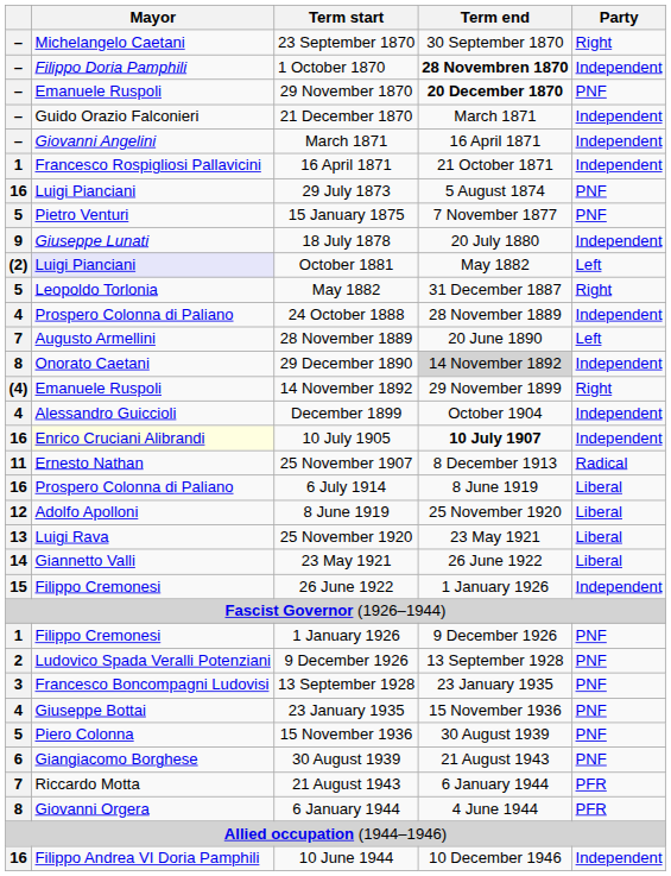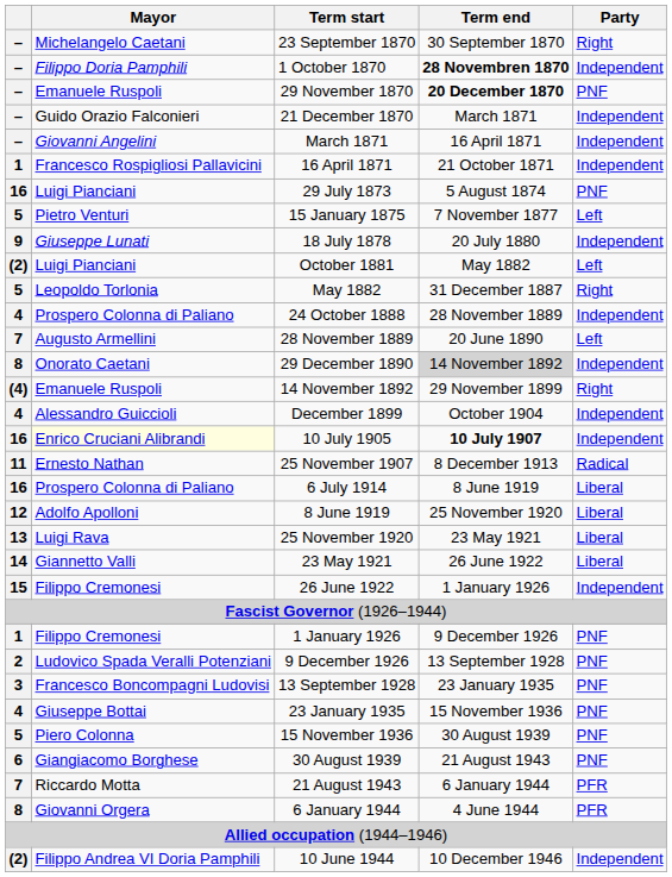 <table class="wikitable">
 <tr>
 <th class=unsortable> </th>
 <th>Mayor</th>
 <th>Term start</th>
 <th>Term end</th>
 <th>Party</th>
 </tr>
 <tr>
 <th style="background:">–</th>
 <td><a href='#'>Michelangelo Caetani</a></td>
 <td align=center>23 September 1870</td>
 <td align=center>30 September 1870</td>
 <td><a href='#'>Right</a></td>
 </tr>
 <tr>
 <th style="background:">–</th>
 <td><em><a href='#'>Filippo Doria Pamphili</a></em></td>
 <td>1 October 1870</td>
 <td><strong>28 Novembren 1870</strong></td>
 <td><a href='#'>Independent</a></td>
 </tr>
 <tr>
 <th style="background:">–</th>
 <td><a href='#'>Emanuele Ruspoli</a></td>
 <td align=center>29 November 1870</td>
 <td align=center><strong>20 December 1870</strong></td>
 <td><a href='#'>PNF</a></td>
 </tr>
 <tr>
 <th style="background:">–</th>
 <td>Guido Orazio Falconieri</td>
 <td align=center>21 December 1870</td>
 <td align=center>March 1871</td>
 <td><a href='#'>Independent</a></td>
 </tr>
 <tr>
 <th style="background:">–</th>
 <td><em><a href='#'>Giovanni Angelini</a></em></td>
 <td align=center>March 1871</td>
 <td align=center>16 April 1871</td>
 <td><a href='#'>Independent</a></td>
 </tr>
 <tr>
 <th style="background:">1</th>
 <td><a href='#'>Francesco Rospigliosi Pallavicini</a></td>
 <td align=center>16 April 1871</td>
 <td align=center>21 October 1871</td>
 <td><a href='#'>Independent</a></td>
 </tr>
 <tr>
 <th style="background:">16</th>
 <td><a href='#'>Luigi Pianciani</a></td>
 <td align=center>29 July 1873</td>
 <td align=center>5 August 1874</td>
 <td><a href='#'>PNF</a></td>
 </tr>
 <tr>
 <th style="background:">5</th>
 <td><a href='#'>Pietro Venturi</a></td>
 <td align=center>15 January 1875</td>
 <td align=center>7 November 1877</td>
-<td><a href='#'>PNF</a></td>
+<td><a href='#'>Left</a></td>
 </tr>
 <tr>
 <th style="background:">9</th>
 <td><em><a href='#'>Giuseppe Lunati</a></em></td>
 <td align=center>18 July 1878</td>
 <td align=center>20 July 1880</td>
 <td><a href='#'>Independent</a></td>
 </tr>
 <tr>
 <th style="background:">(2)</th>
-<td style="background: lavender;"><a href='#'>Luigi Pianciani</a></td>
+<td><a href='#'>Luigi Pianciani</a></td>
 <td align=center>October 1881</td>
 <td align=center>May 1882</td>
 <td><a href='#'>Left</a></td>
 </tr>
 <tr>
 <th style="background:">5</th>
 <td><a href='#'>Leopoldo Torlonia</a></td>
 <td align=center>May 1882</td>
 <td align=center>31 December 1887</td>
 <td><a href='#'>Right</a></td>
 </tr>
 <tr>
 <th style="background:">4</th>
 <td><a href='#'>Prospero Colonna di Paliano</a></td>
 <td align=center>24 October 1888</td>
 <td align=center>28 November 1889</td>
 <td><a href='#'>Independent</a></td>
 </tr>
 <tr>
 <th style="background:">7</th>
 <td><a href='#'>Augusto Armellini</a></td>
 <td align=center>28 November 1889</td>
 <td align=center>20 June 1890</td>
 <td><a href='#'>Left</a></td>
 </tr>
 <tr>
 <th style="background:">8</th>
 <td><a href='#'>Onorato Caetani</a></td>
 <td align=center>29 December 1890</td>
 <td align=center style="background: lightgrey;">14 November 1892</td>
 <td><a href='#'>Independent</a></td>
 </tr>
 <tr>
 <th style="background:">(4)</th>
 <td><a href='#'>Emanuele Ruspoli</a></td>
 <td align=center>14 November 1892</td>
 <td align=center>29 November 1899</td>
 <td><a href='#'>Right</a></td>
 </tr>
 <tr>
 <th style="background:">4</th>
 <td><a href='#'>Alessandro Guiccioli</a></td>
 <td align=center>December 1899</td>
 <td align=center>October 1904</td>
 <td><a href='#'>Independent</a></td>
 </tr>
 <tr>
 <th style="background:">16</th>
 <td style="background: lightyellow;"><a href='#'>Enrico Cruciani Alibrandi</a></td>
 <td align=center>10 July 1905</td>
 <td align=center><strong>10 July 1907</strong></td>
 <td><a href='#'>Independent</a></td>
 </tr>
 <tr>
 <th style="background:">11</th>
 <td><a href='#'>Ernesto Nathan</a></td>
 <td align=center>25 November 1907</td>
 <td align=center>8 December 1913</td>
 <td><a href='#'>Radical</a></td>
 </tr>
 <tr>
 <th style="background:">16</th>
 <td><a href='#'>Prospero Colonna di Paliano</a></td>
 <td align=center>6 July 1914</td>
 <td align=center>8 June 1919</td>
 <td><a href='#'>Liberal</a></td>
 </tr>
 <tr>
 <th style="background:">12</th>
 <td><a href='#'>Adolfo Apolloni</a></td>
 <td align=center>8 June 1919</td>
 <td align=center>25 November 1920</td>
 <td><a href='#'>Liberal</a></td>
 </tr>
 <tr>
 <th style="background:">13</th>
 <td><a href='#'>Luigi Rava</a></td>
 <td align=center>25 November 1920</td>
 <td align=center>23 May 1921</td>
 <td><a href='#'>Liberal</a></td>
 </tr>
 <tr>
 <th style="background:">14</th>
 <td><a href='#'>Giannetto Valli</a></td>
 <td align=center>23 May 1921</td>
 <td align=center>26 June 1922</td>
 <td><a href='#'>Liberal</a></td>
 </tr>
 <tr>
 <th style="background:">15</th>
 <td><a href='#'>Filippo Cremonesi</a></td>
 <td align=center>26 June 1922</td>
 <td align=center>1 January 1926</td>
 <td><a href='#'>Independent</a></td>
 </tr>
 <tr>
 <td colspan="6" bgcolor="lightgrey" align="center"><strong><a href='#'>Fascist Governor</a></strong> (1926–1944)</td>
 </tr>
 <tr>
 <th style="background:">1</th>
 <td><a href='#'>Filippo Cremonesi</a></td>
 <td align=center>1 January 1926</td>
 <td align=center>9 December 1926</td>
 <td><a href='#'>PNF</a></td>
 </tr>
 <tr>
 <th style="background:">2</th>
 <td><a href='#'>Ludovico Spada Veralli Potenziani</a></td>
 <td align=center>9 December 1926</td>
 <td align=center>13 September 1928</td>
 <td><a href='#'>PNF</a></td>
 </tr>
 <tr>
 <th style="background:">3</th>
 <td><a href='#'>Francesco Boncompagni Ludovisi</a></td>
 <td align=center>13 September 1928</td>
 <td align=center>23 January 1935</td>
 <td><a href='#'>PNF</a></td>
 </tr>
 <tr>
 <th style="background:">4</th>
 <td><a href='#'>Giuseppe Bottai</a></td>
 <td align=center>23 January 1935</td>
 <td align=center>15 November 1936</td>
 <td><a href='#'>PNF</a></td>
 </tr>
 <tr>
 <th style="background:">5</th>
 <td><a href='#'>Piero Colonna</a></td>
 <td align=center>15 November 1936</td>
 <td align=center>30 August 1939</td>
 <td><a href='#'>PNF</a></td>
 </tr>
 <tr>
 <th style="background:">6</th>
 <td><a href='#'>Giangiacomo Borghese</a></td>
 <td align=center>30 August 1939</td>
 <td align=center>21 August 1943</td>
 <td><a href='#'>PNF</a></td>
 </tr>
 <tr>
 <th style="background:">7</th>
 <td>Riccardo Motta</td>
 <td align=center>21 August 1943</td>
 <td align=center>6 January 1944</td>
 <td><a href='#'>PFR</a></td>
 </tr>
 <tr>
 <th style="background:">8</th>
 <td><a href='#'>Giovanni Orgera</a></td>
 <td align=center>6 January 1944</td>
 <td align=center>4 June 1944</td>
 <td><a href='#'>PFR</a></td>
 </tr>
 <tr>
 <td colspan="6" bgcolor="lightgrey" align="center"><strong><a href='#'>Allied occupation</a></strong> (1944–1946)</td>
 </tr>
 <tr>
-<th style="background:">16</th>
+<th style="background:">(2)</th>
 <td><a href='#'>Filippo Andrea VI Doria Pamphili</a></td>
 <td align=center>10 June 1944</td>
 <td align=center>10 December 1946</td>
 <td><a href='#'>Independent</a></td>
 </tr>
 </table>
